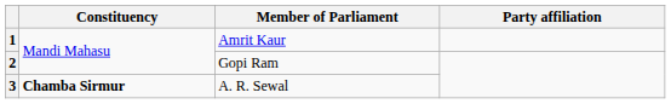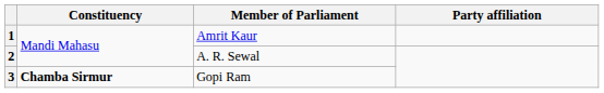 <table class="wikitable sortable">
 <tr style="text-align:center;">
 <th></th>
 <th style="width:13em">Constituency</th>
 <th style="width:15em">Member of Parliament</th>
 <th colspan="2" style="width:15em">Party affiliation</th>
 </tr>
 <tr>
 <th>1</th>
 <td rowspan=2><a href='#'>Mandi Mahasu</a></td>
 <td><a href='#'>Amrit Kaur</a></td>
 <td></td>
 </tr>
 <tr>
 <th>2</th>
-<td>Gopi Ram</td>
+<td>A. R. Sewal</td>
 </tr>
 <tr>
 <th>3</th>
 <td><strong>Chamba Sirmur</strong></td>
-<td>A. R. Sewal</td>
+<td>Gopi Ram</td>
 </tr>
 </table>
